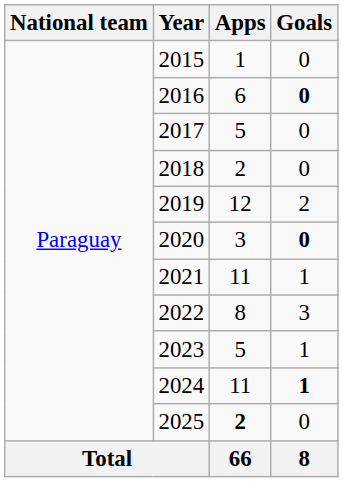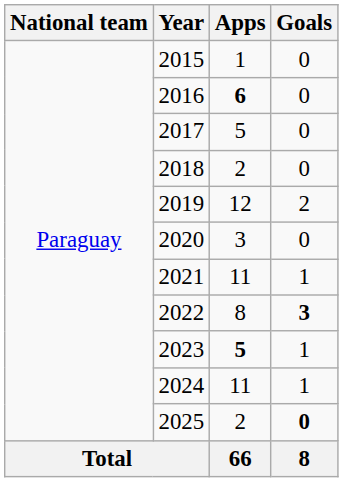 <table class=wikitable style=text-align:center>
 <tr>
 <th>National team</th>
 <th>Year</th>
 <th>Apps</th>
 <th>Goals</th>
 </tr>
 <tr>
 <td rowspan=11><a href='#'>Paraguay</a></td>
 <td>2015</td>
 <td>1</td>
 <td>0</td>
 </tr>
 <tr>
 <td>2016</td>
-<td>6</td>
-<td><strong>0</strong></td>
+<td><strong>6</strong></td>
+<td>0</td>
 </tr>
 <tr>
 <td>2017</td>
 <td>5</td>
 <td>0</td>
 </tr>
 <tr>
 <td>2018</td>
 <td>2</td>
 <td>0</td>
 </tr>
 <tr>
 <td>2019</td>
 <td>12</td>
 <td>2</td>
 </tr>
 <tr>
 <td>2020</td>
 <td>3</td>
-<td><strong>0</strong></td>
+<td>0</td>
 </tr>
 <tr>
 <td>2021</td>
 <td>11</td>
 <td>1</td>
 </tr>
 <tr>
 <td>2022</td>
 <td>8</td>
-<td>3</td>
+<td><strong>3</strong></td>
 </tr>
 <tr>
 <td>2023</td>
-<td>5</td>
+<td><strong>5</strong></td>
 <td>1</td>
 </tr>
 <tr>
 <td>2024</td>
 <td>11</td>
-<td><strong>1</strong></td>
+<td>1</td>
 </tr>
 <tr>
 <td>2025</td>
-<td><strong>2</strong></td>
-<td>0</td>
+<td>2</td>
+<td><strong>0</strong></td>
 </tr>
 <tr>
 <th colspan=2>Total</th>
 <th>66</th>
 <th>8</th>
 </tr>
 </table>
